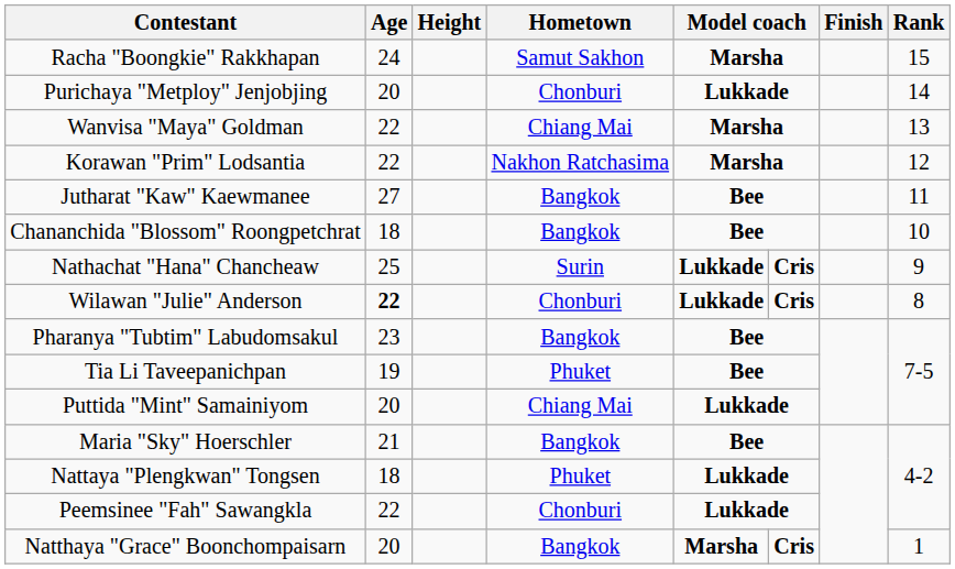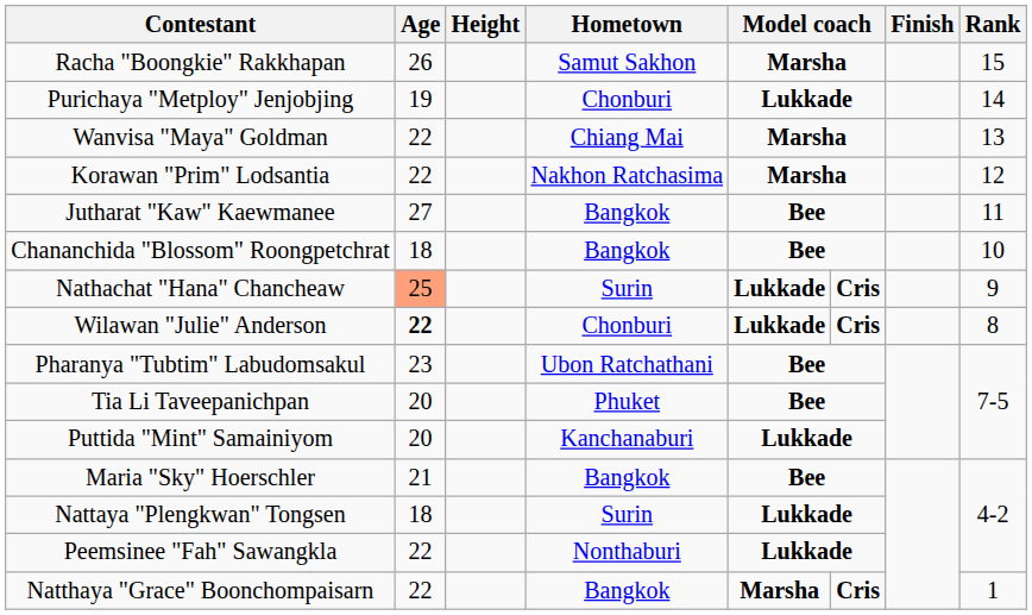 <table class="wikitable sortable" style="text-align:center;">
 <tr>
 <th>Contestant</th>
 <th>Age</th>
 <th>Height</th>
 <th>Hometown</th>
 <th colspan="2">Model coach</th>
 <th>Finish</th>
 <th>Rank</th>
 </tr>
 <tr>
 <td>Racha "Boongkie" Rakkhapan</td>
-<td>24</td>
+<td>26</td>
 <td></td>
 <td><a href='#'>Samut Sakhon</a></td>
 <td colspan="2"><strong><span>Marsha</span></strong></td>
 <td></td>
 <td>15</td>
 </tr>
 <tr>
 <td>Purichaya "Metploy" Jenjobjing</td>
-<td>20</td>
+<td>19</td>
 <td></td>
 <td><a href='#'>Chonburi</a></td>
 <td colspan="2"><strong><span>Lukkade</span></strong></td>
 <td></td>
 <td>14</td>
 </tr>
 <tr>
 <td>Wanvisa "Maya" Goldman</td>
 <td>22</td>
 <td></td>
 <td><a href='#'>Chiang Mai</a></td>
 <td colspan="2"><strong><span>Marsha</span></strong></td>
 <td></td>
 <td>13</td>
 </tr>
 <tr>
 <td>Korawan "Prim" Lodsantia</td>
 <td>22</td>
 <td></td>
 <td><a href='#'>Nakhon Ratchasima</a></td>
 <td colspan="2"><strong><span>Marsha</span></strong></td>
 <td></td>
 <td>12</td>
 </tr>
 <tr>
 <td>Jutharat "Kaw" Kaewmanee</td>
 <td>27</td>
 <td></td>
 <td><a href='#'>Bangkok</a></td>
 <td colspan="2"><strong><span>Bee</span></strong></td>
 <td></td>
 <td>11</td>
 </tr>
 <tr>
 <td>Chananchida "Blossom" Roongpetchrat</td>
 <td>18</td>
 <td></td>
 <td><a href='#'>Bangkok</a></td>
 <td colspan="2"><strong><span>Bee</span></strong></td>
 <td></td>
 <td>10</td>
 </tr>
 <tr>
 <td>Nathachat "Hana" Chancheaw</td>
-<td>25</td>
+<td style="background: lightsalmon;">25</td>
 <td></td>
 <td><a href='#'>Surin</a></td>
 <td><strong><span>Lukkade</span></strong></td>
 <td><span><strong>Cris</strong></span></td>
 <td></td>
 <td>9</td>
 </tr>
 <tr>
 <td>Wilawan "Julie" Anderson</td>
 <td><strong>22</strong></td>
 <td></td>
 <td><a href='#'>Chonburi</a></td>
 <td><strong><span>Lukkade</span></strong></td>
 <td><span><strong>Cris</strong></span></td>
 <td></td>
 <td>8</td>
 </tr>
 <tr>
 <td>Pharanya "Tubtim" Labudomsakul</td>
 <td>23</td>
 <td></td>
-<td><a href='#'>Bangkok</a></td>
+<td><a href='#'>Ubon Ratchathani</a></td>
 <td colspan="2"><strong><span>Bee</span></strong></td>
 <td rowspan="3"></td>
 <td rowspan="3">7-5</td>
 </tr>
 <tr>
 <td>Tia Li Taveepanichpan</td>
-<td>19</td>
+<td>20</td>
 <td></td>
 <td><a href='#'>Phuket</a></td>
 <td colspan="2"><strong><span>Bee</span></strong></td>
 </tr>
 <tr>
 <td>Puttida "Mint" Samainiyom</td>
 <td>20</td>
 <td></td>
-<td><a href='#'>Chiang Mai</a></td>
+<td><a href='#'>Kanchanaburi</a></td>
 <td colspan="2"><strong><span>Lukkade</span></strong></td>
 </tr>
 <tr>
 <td>Maria "Sky" Hoerschler</td>
 <td>21</td>
 <td></td>
 <td><a href='#'>Bangkok</a></td>
 <td colspan="2"><strong><span>Bee</span></strong></td>
 <td rowspan="4"></td>
 <td rowspan="3">4-2</td>
 </tr>
 <tr>
 <td>Nattaya "Plengkwan" Tongsen</td>
 <td>18</td>
 <td></td>
-<td><a href='#'>Phuket</a></td>
+<td><a href='#'>Surin</a></td>
 <td colspan="2"><strong><span>Lukkade</span></strong></td>
 </tr>
 <tr>
 <td>Peemsinee "Fah" Sawangkla</td>
 <td>22</td>
 <td></td>
-<td><a href='#'>Chonburi</a></td>
+<td><a href='#'>Nonthaburi</a></td>
 <td colspan="2"><strong><span>Lukkade</span></strong></td>
 </tr>
 <tr>
 <td>Natthaya "Grace" Boonchompaisarn</td>
-<td>20</td>
+<td>22</td>
 <td></td>
 <td><a href='#'>Bangkok</a></td>
 <td><strong><span>Marsha</span></strong></td>
 <td><span><strong>Cris</strong></span></td>
 <td>1</td>
 </tr>
 </table>
